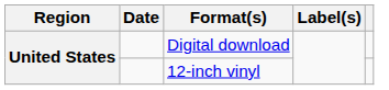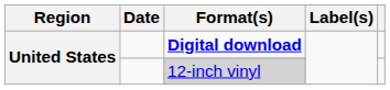 <table class="wikitable plainrowheaders">
 <tr>
 <th scope="col">Region</th>
 <th scope="col">Date</th>
 <th scope="col">Format(s)</th>
 <th scope="col">Label(s)</th>
 <th scope="col"></th>
 </tr>
 <tr>
 <th scope="row" rowspan="2">United States</th>
 <td></td>
-<td><a href='#'>Digital download</a></td>
+<td><strong><a href='#'>Digital download</a></strong></td>
 <td rowspan="2"></td>
 <td></td>
 </tr>
 <tr>
 <td></td>
-<td><a href='#'>12-inch vinyl</a></td>
+<td style="background: lightgrey;"><a href='#'>12-inch vinyl</a></td>
 <td></td>
 </tr>
 </table>
